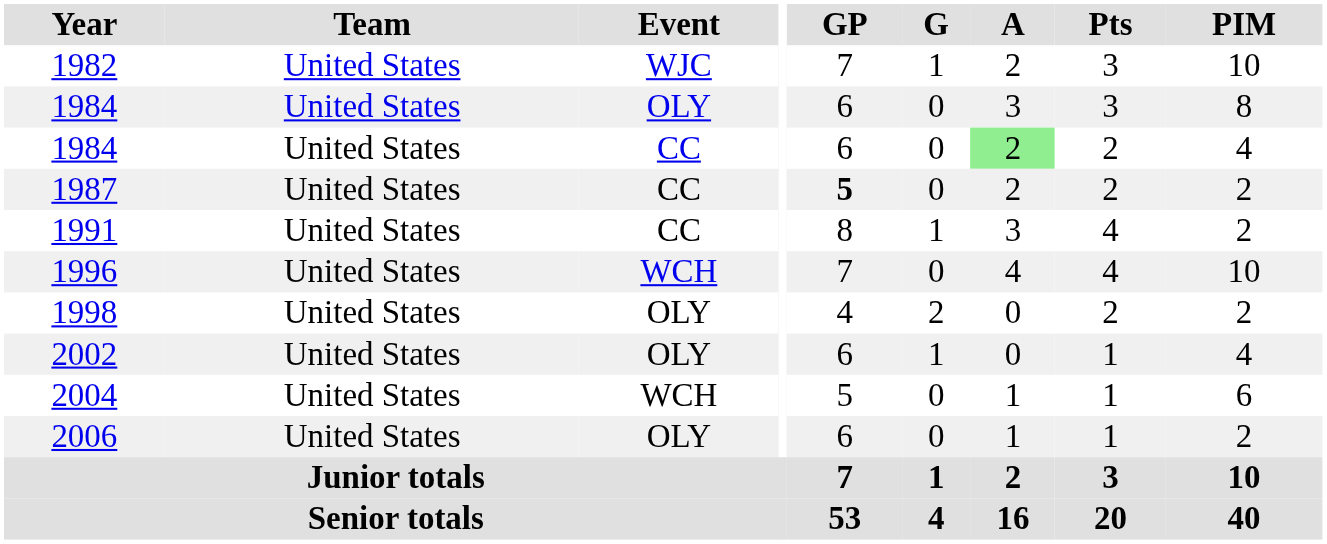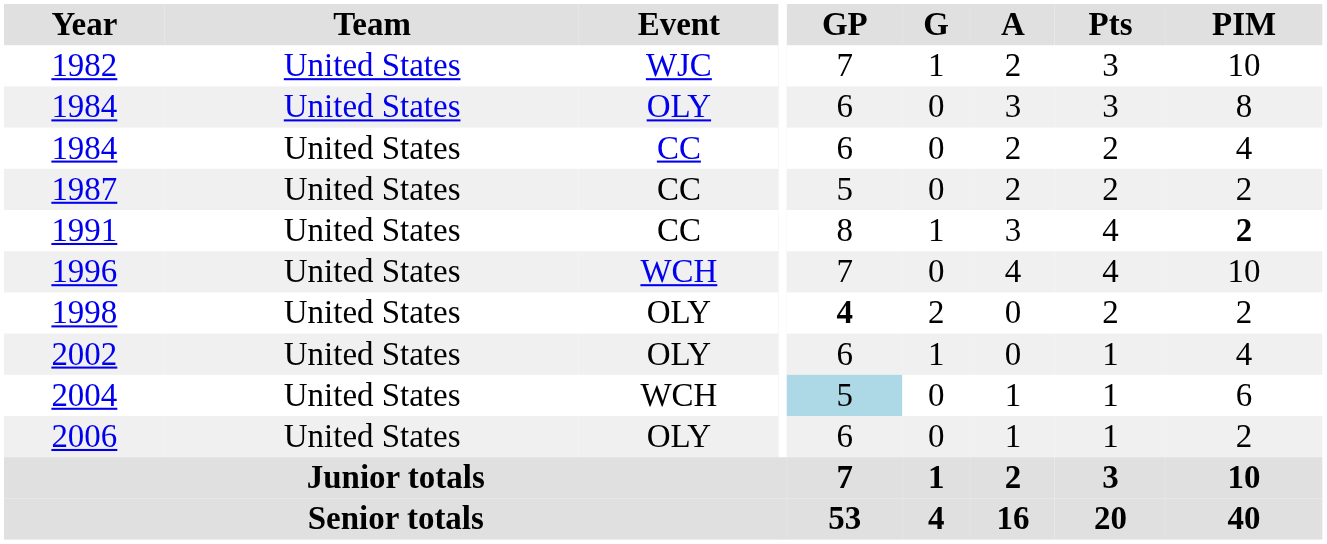 <table border="0" cellpadding="1" cellspacing="0" ID="Table3" style="text-align:center; width:40em">
 <tr bgcolor="#e0e0e0">
 <th>Year</th>
 <th>Team</th>
 <th>Event</th>
 <th rowspan="102" bgcolor="#ffffff"></th>
 <th>GP</th>
 <th>G</th>
 <th>A</th>
 <th>Pts</th>
 <th>PIM</th>
 </tr>
 <tr>
 <td><a href='#'>1982</a></td>
 <td><a href='#'>United States</a></td>
 <td><a href='#'>WJC</a></td>
 <td>7</td>
 <td>1</td>
 <td>2</td>
 <td>3</td>
 <td>10</td>
 </tr>
 <tr bgcolor="#f0f0f0">
 <td><a href='#'>1984</a></td>
 <td><a href='#'>United States</a></td>
 <td><a href='#'>OLY</a></td>
 <td>6</td>
 <td>0</td>
 <td>3</td>
 <td>3</td>
 <td>8</td>
 </tr>
 <tr>
 <td><a href='#'>1984</a></td>
 <td>United States</td>
 <td><a href='#'>CC</a></td>
 <td>6</td>
 <td>0</td>
-<td style="background: lightgreen;">2</td>
+<td>2</td>
 <td>2</td>
 <td>4</td>
 </tr>
 <tr bgcolor="#f0f0f0">
 <td><a href='#'>1987</a></td>
 <td>United States</td>
 <td>CC</td>
-<td><strong>5</strong></td>
+<td>5</td>
 <td>0</td>
 <td>2</td>
 <td>2</td>
 <td>2</td>
 </tr>
 <tr>
 <td><a href='#'>1991</a></td>
 <td>United States</td>
 <td>CC</td>
 <td>8</td>
 <td>1</td>
 <td>3</td>
 <td>4</td>
-<td>2</td>
+<td><strong>2</strong></td>
 </tr>
 <tr bgcolor="#f0f0f0">
 <td><a href='#'>1996</a></td>
 <td>United States</td>
 <td><a href='#'>WCH</a></td>
 <td>7</td>
 <td>0</td>
 <td>4</td>
 <td>4</td>
 <td>10</td>
 </tr>
 <tr>
 <td><a href='#'>1998</a></td>
 <td>United States</td>
 <td>OLY</td>
-<td>4</td>
+<td><strong>4</strong></td>
 <td>2</td>
 <td>0</td>
 <td>2</td>
 <td>2</td>
 </tr>
 <tr bgcolor="#f0f0f0">
 <td><a href='#'>2002</a></td>
 <td>United States</td>
 <td>OLY</td>
 <td>6</td>
 <td>1</td>
 <td>0</td>
 <td>1</td>
 <td>4</td>
 </tr>
 <tr>
 <td><a href='#'>2004</a></td>
 <td>United States</td>
 <td>WCH</td>
-<td>5</td>
+<td style="background: lightblue;">5</td>
 <td>0</td>
 <td>1</td>
 <td>1</td>
 <td>6</td>
 </tr>
 <tr bgcolor="#f0f0f0">
 <td><a href='#'>2006</a></td>
 <td>United States</td>
 <td>OLY</td>
 <td>6</td>
 <td>0</td>
 <td>1</td>
 <td>1</td>
 <td>2</td>
 </tr>
 <tr bgcolor="#e0e0e0">
 <th colspan=4>Junior totals</th>
 <th>7</th>
 <th>1</th>
 <th>2</th>
 <th>3</th>
 <th>10</th>
 </tr>
 <tr bgcolor="#e0e0e0">
 <th colspan=4>Senior totals</th>
 <th>53</th>
 <th>4</th>
 <th>16</th>
 <th>20</th>
 <th>40</th>
 </tr>
 </table>
